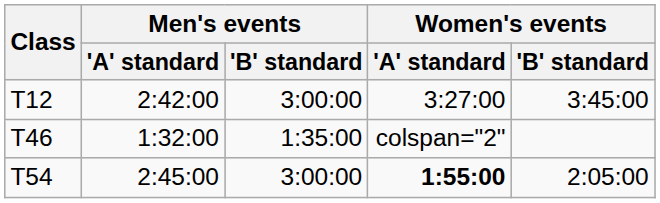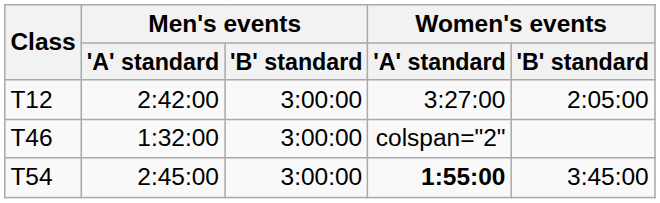 <table class="wikitable" style="text-align:right">
 <tr>
 <th rowspan="2">Class</th>
 <th colspan="2">Men's events</th>
 <th colspan="2">Women's events</th>
 </tr>
 <tr style="font-size:95%">
 <th>'A' standard</th>
 <th>'B' standard</th>
 <th>'A' standard</th>
 <th>'B' standard</th>
 </tr>
 <tr>
 <td style="text-align:left">T12</td>
 <td>2:42:00</td>
 <td>3:00:00</td>
 <td>3:27:00</td>
-<td>3:45:00</td>
+<td>2:05:00</td>
 </tr>
 <tr>
 <td style="text-align:left">T46</td>
 <td>1:32:00</td>
-<td>1:35:00</td>
+<td>3:00:00</td>
 <td>colspan="2" </td>
 </tr>
 <tr>
 <td style="text-align:left">T54</td>
 <td>2:45:00</td>
 <td>3:00:00</td>
 <td><strong>1:55:00</strong></td>
-<td>2:05:00</td>
+<td>3:45:00</td>
 </tr>
 </table>
